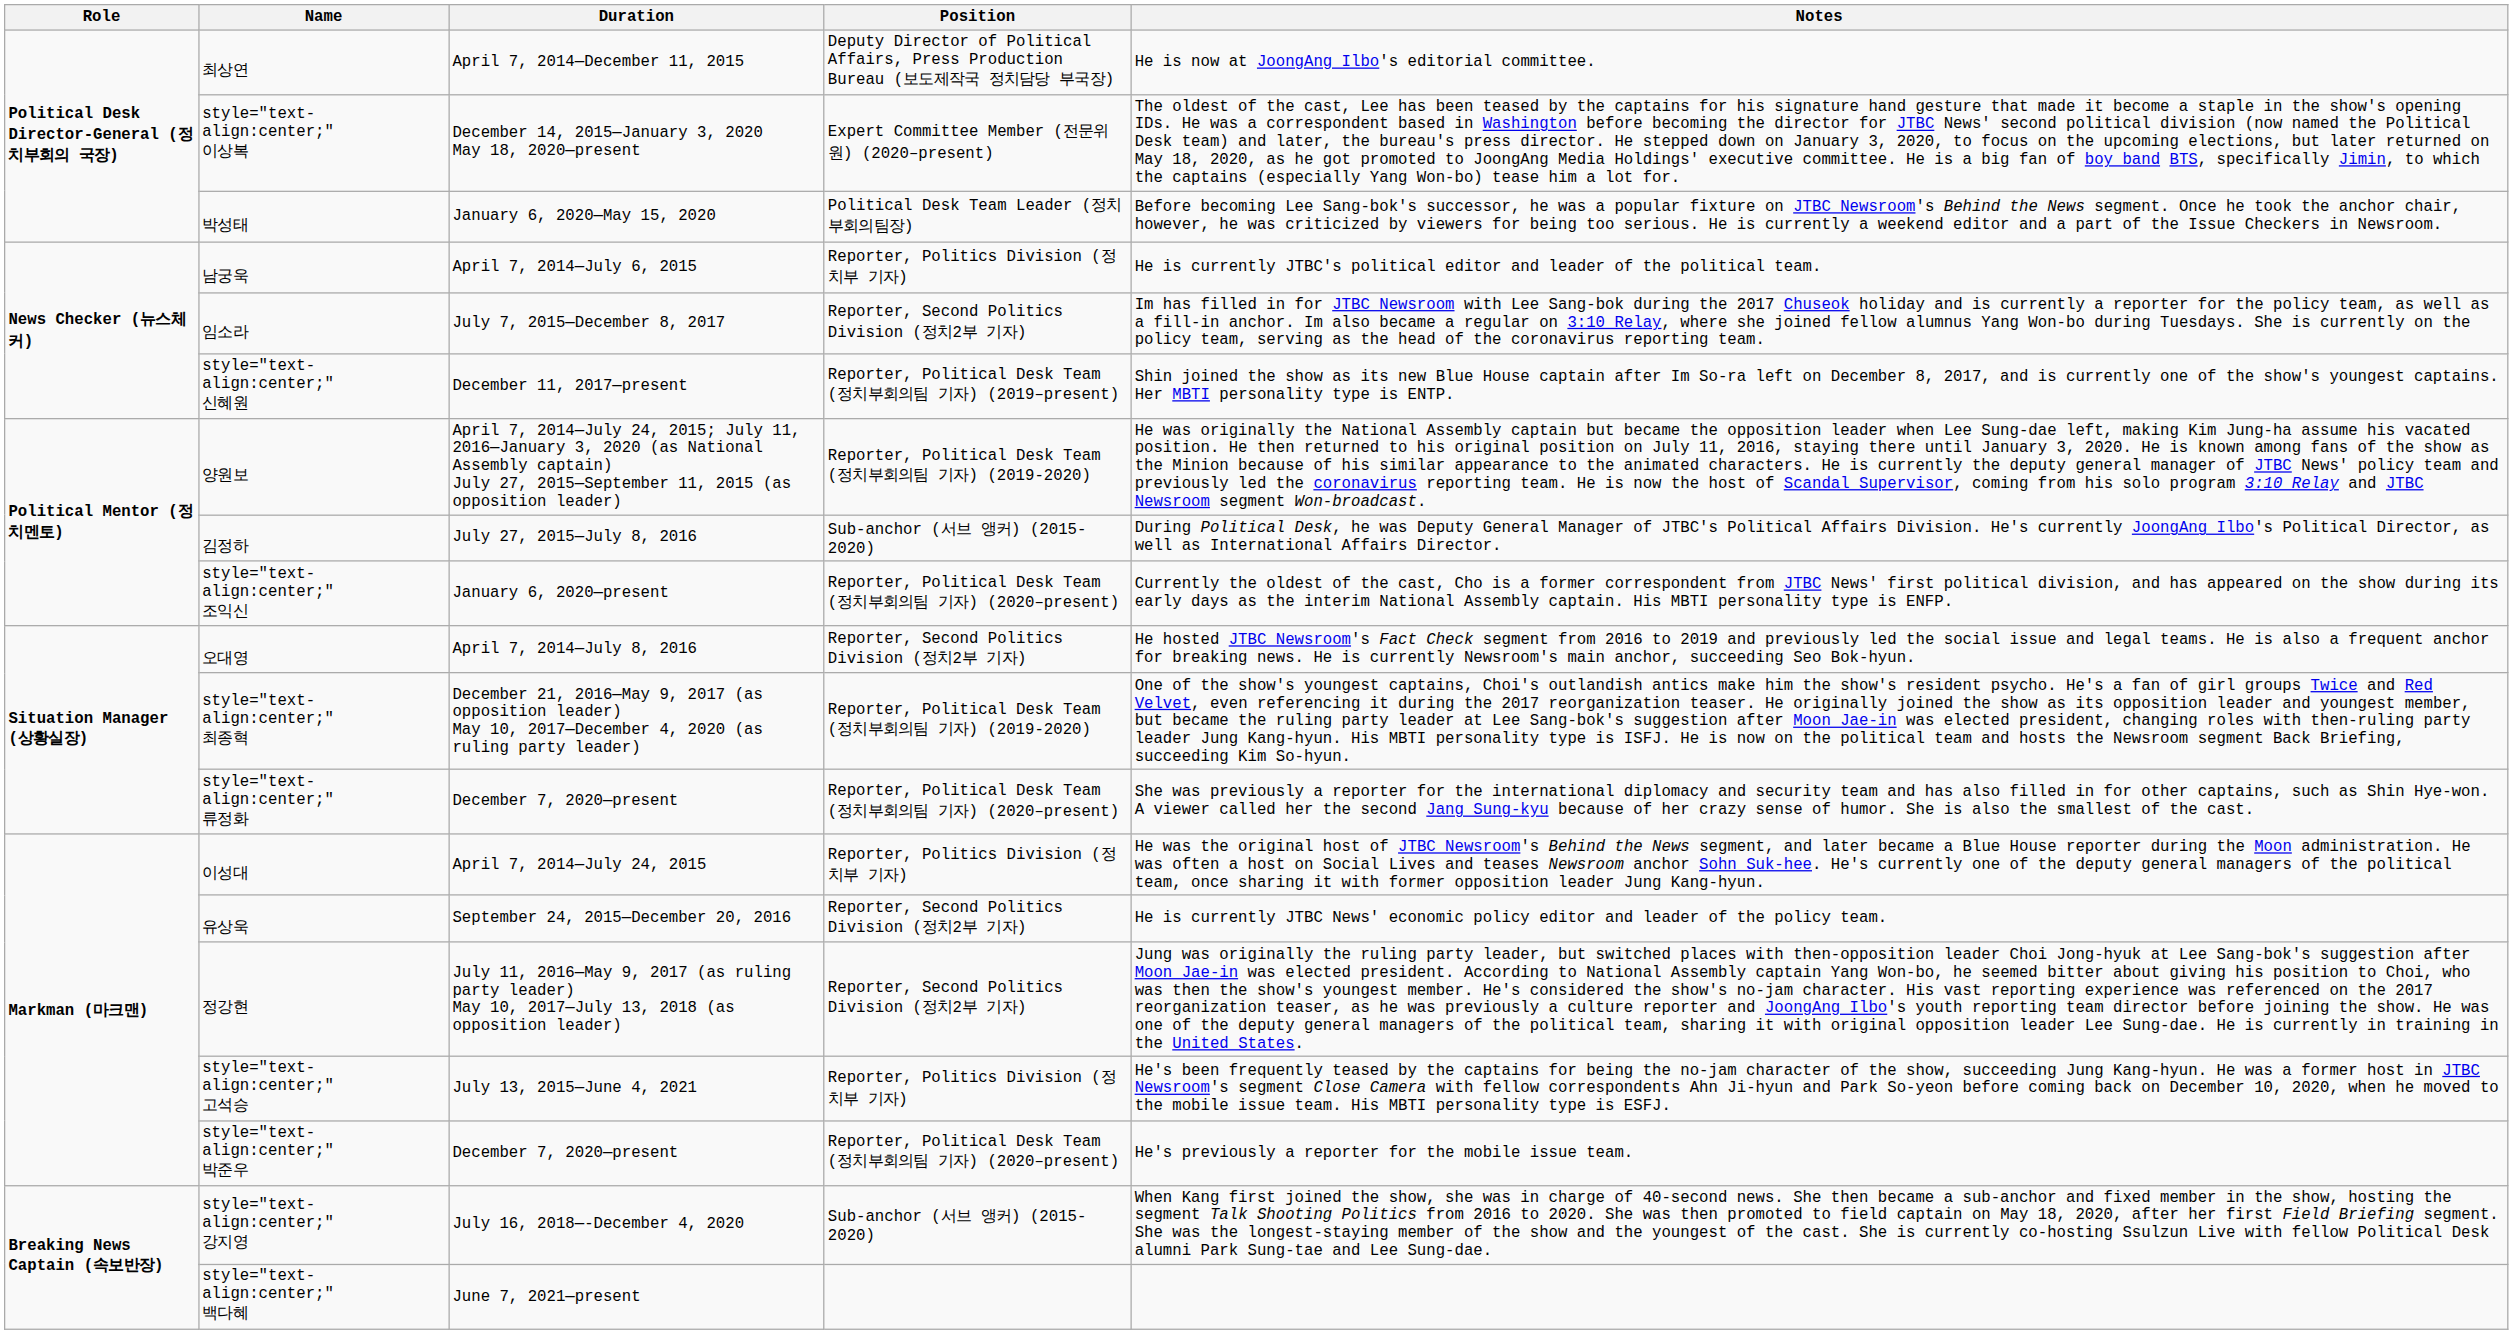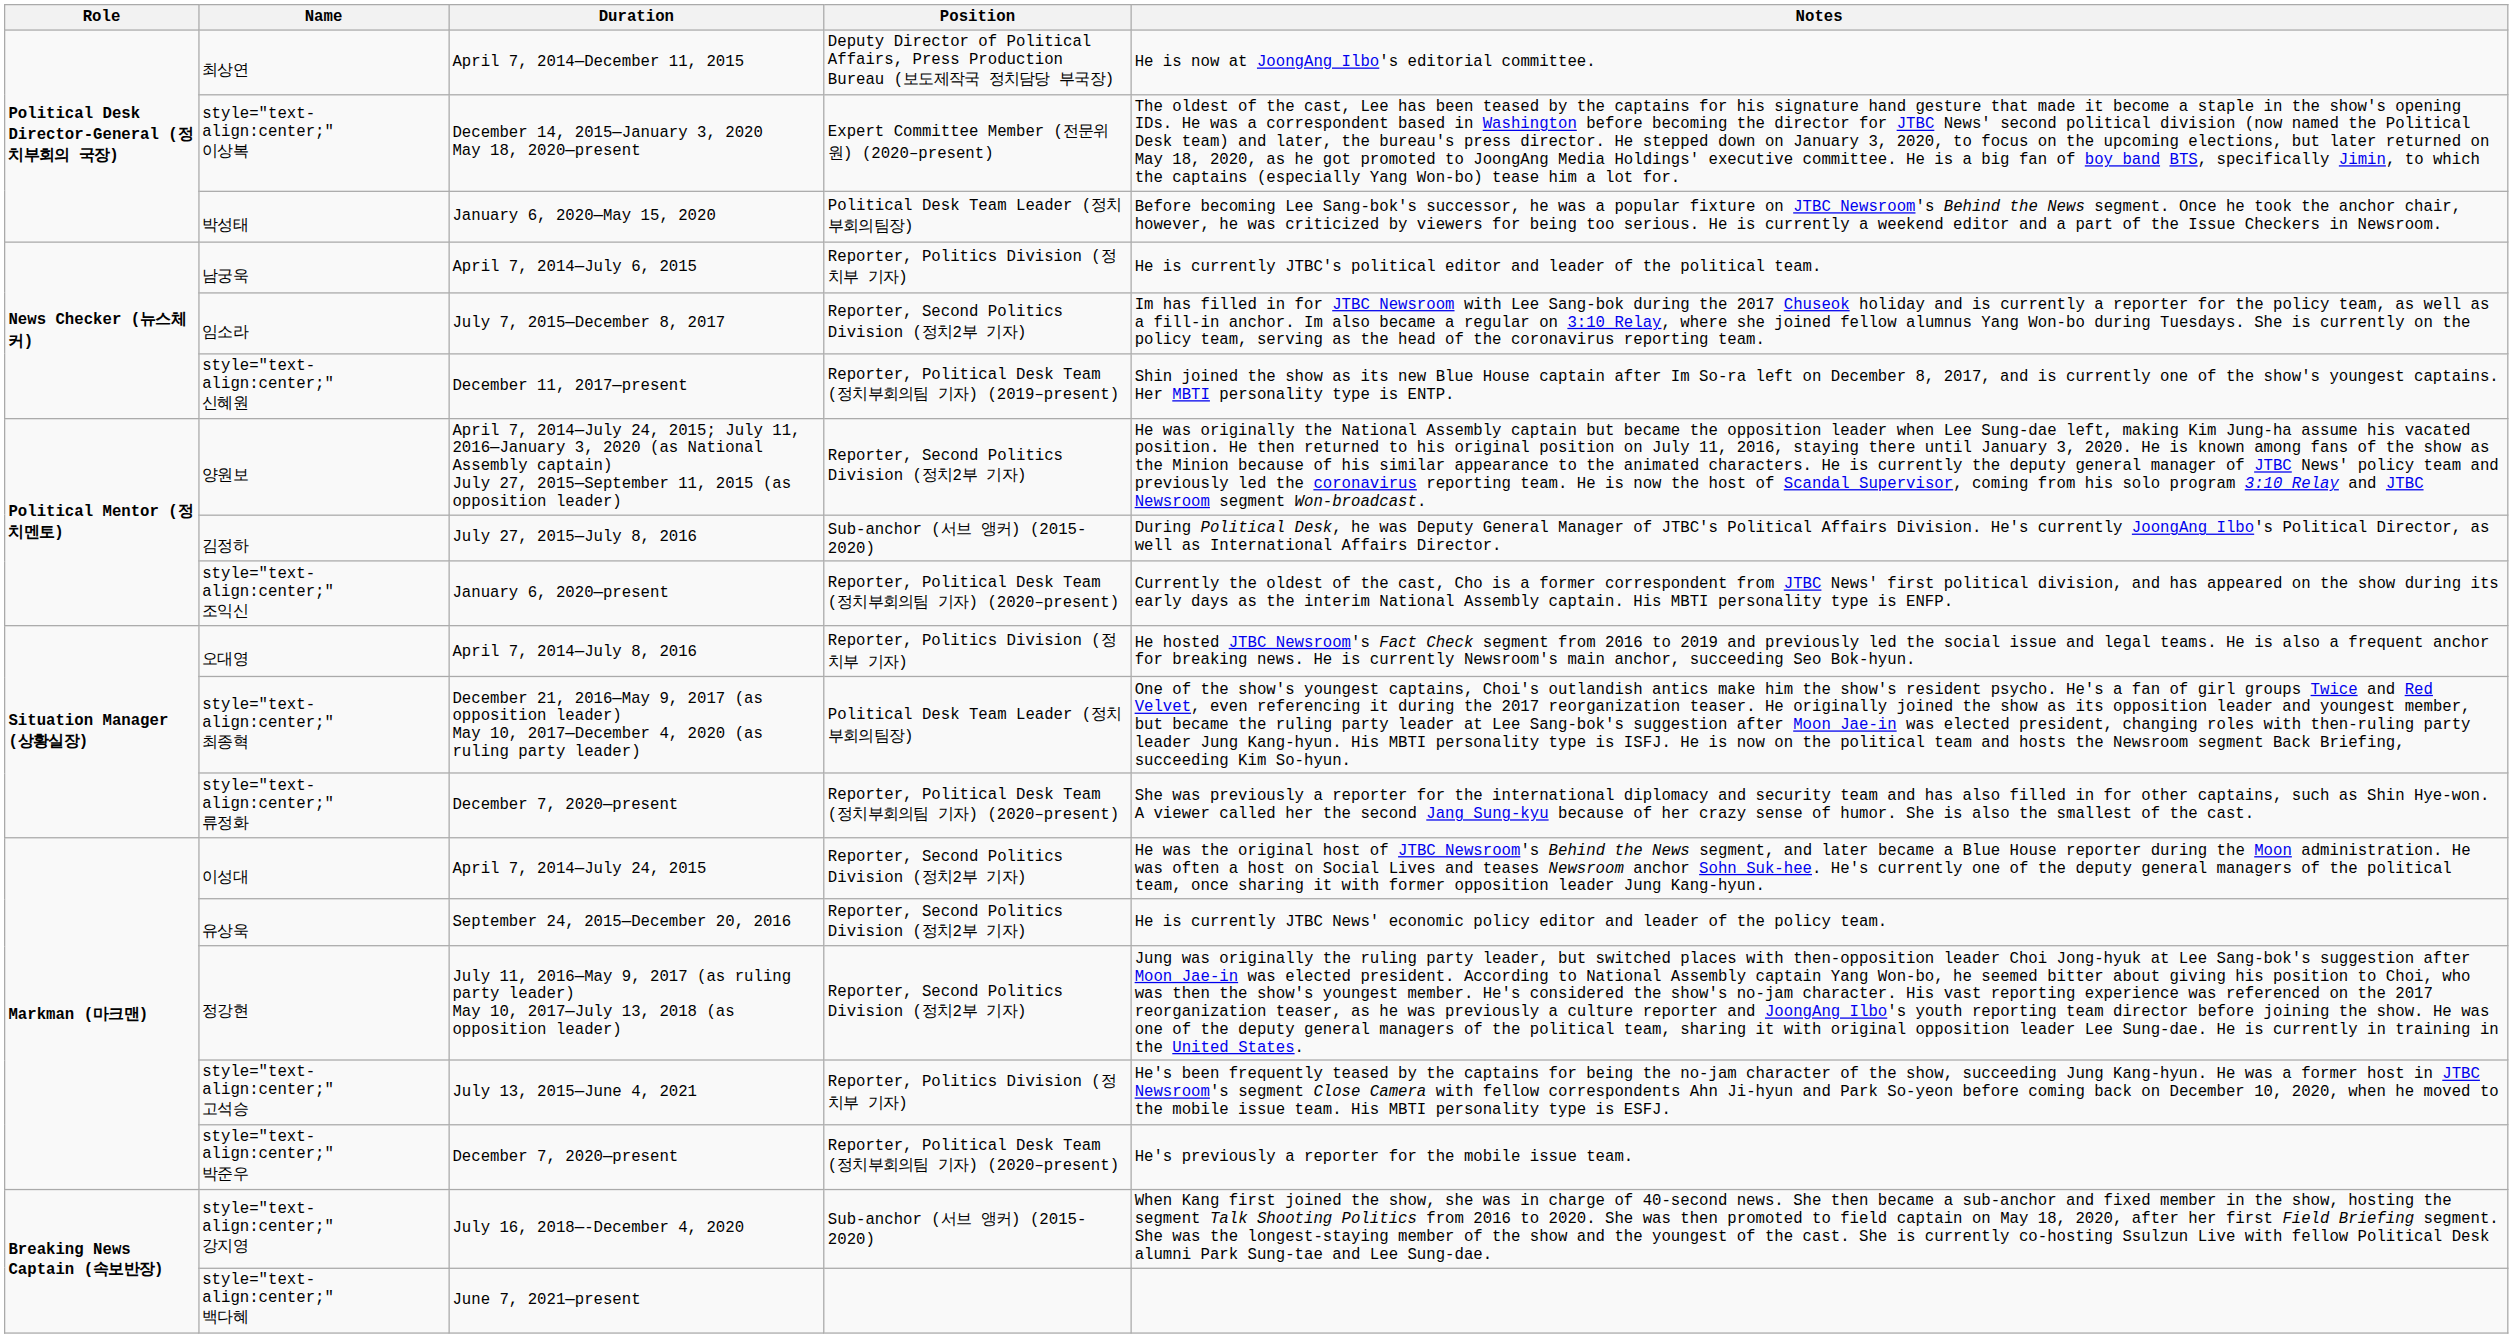 <table class="wikitable" style="font-size:95%">
 <tr>
 <th>Role</th>
 <th style="width:10%; text-align:center;">Name</th>
 <th style="width:15%; text-align:center;">Duration</th>
 <th>Position</th>
 <th style="width:55%; text-align:center;">Notes</th>
 </tr>
 <tr>
 <td rowspan="3"><strong>Political Desk Director-General (정치부회의 국장)</strong></td>
 <td><br>최상연</td>
 <td>April 7, 2014—December 11, 2015</td>
 <td>Deputy Director of Political Affairs, Press Production Bureau (보도제작국 정치담당 부국장)<br></td>
 <td style="text-align:left;">He is now at <a href='#'>JoongAng Ilbo</a>'s editorial committee.</td>
 </tr>
 <tr>
 <td>style="text-align:center;" <br>이상복<br><br></td>
 <td>December 14, 2015—January 3, 2020<br>May 18, 2020—present</td>
 <td>Expert Committee Member (전문위원) (2020–present)<br></td>
 <td style="text-align:left;">The oldest of the cast, Lee has been teased by the captains for his signature hand gesture that made it become a staple in the show's opening IDs. He was a correspondent based in <a href='#'>Washington</a> before becoming the director for <a href='#'>JTBC</a> News' second political division (now named the Political Desk team) and later, the bureau's press director. He stepped down on January 3, 2020, to focus on the upcoming elections, but later returned on May 18, 2020, as he got promoted to JoongAng Media Holdings' executive committee. He is a big fan of <a href='#'>boy band</a> <a href='#'>BTS</a>, specifically <a href='#'>Jimin</a>, to which the captains (especially Yang Won-bo) tease him a lot for.</td>
 </tr>
 <tr>
 <td><br>박성태</td>
 <td>January 6, 2020—May 15, 2020</td>
 <td>Political Desk Team Leader (정치부회의팀장)</td>
 <td style="text-align:left;">Before becoming Lee Sang-bok's successor, he was a popular fixture on <a href='#'>JTBC Newsroom</a>'s <em>Behind the News</em> segment. Once he took the anchor chair, however, he was criticized by viewers for being too serious. He is currently a weekend editor and a part of the Issue Checkers in Newsroom.</td>
 </tr>
 <tr>
 <td rowspan="3"><strong>News Checker (뉴스체커)</strong></td>
 <td><br>남궁욱</td>
 <td>April 7, 2014—July 6, 2015</td>
 <td>Reporter, Politics Division (정치부 기자)</td>
 <td style="text-align:left;">He is currently JTBC's political editor and leader of the political team.</td>
 </tr>
 <tr>
 <td><br>임소라<br></td>
 <td>July 7, 2015—December 8, 2017</td>
 <td>Reporter, Second Politics Division (정치2부 기자)</td>
 <td style="text-align:left;">Im has filled in for <a href='#'>JTBC Newsroom</a> with Lee Sang-bok during the 2017 <a href='#'>Chuseok</a> holiday and is currently a reporter for the policy team, as well as a fill-in anchor. Im also became a regular on <a href='#'>3:10 Relay</a>, where she joined fellow alumnus Yang Won-bo during Tuesdays. She is currently on the policy team, serving as the head of the coronavirus reporting team.</td>
 </tr>
 <tr>
 <td>style="text-align:center;" <br>신혜원<br></td>
 <td>December 11, 2017—present</td>
 <td>Reporter, Political Desk Team (정치부회의팀 기자) (2019–present)<br></td>
 <td style="text-align:left;">Shin joined the show as its new Blue House captain after Im So-ra left on December 8, 2017, and is currently one of the show's youngest captains. Her <a href='#'>MBTI</a> personality type is ENTP.</td>
 </tr>
 <tr>
 <td rowspan="3"><strong>Political Mentor (정치멘토)</strong></td>
 <td><br>양원보<br></td>
 <td>April 7, 2014—July 24, 2015; July 11, 2016—January 3, 2020 (as National Assembly captain)<br>July 27, 2015—September 11, 2015 (as opposition leader)</td>
-<td>Reporter, Political Desk Team (정치부회의팀 기자) (2019-2020)<br></td>
+<td>Reporter, Second Politics Division (정치2부 기자)</td>
 <td style="text-align:left;">He was originally the National Assembly captain but became the opposition leader when Lee Sung-dae left, making Kim Jung-ha assume his vacated position. He then returned to his original position on July 11, 2016, staying there until January 3, 2020. He is known among fans of the show as the Minion because of his similar appearance to the animated characters. He is currently the deputy general manager of <a href='#'>JTBC</a> News' policy team and previously led the <a href='#'>coronavirus</a> reporting team. He is now the host of <a href='#'>Scandal Supervisor</a>, coming from his solo program <em><a href='#'>3:10 Relay</a></em> and <a href='#'>JTBC Newsroom</a> segment <em>Won-broadcast</em>.</td>
 </tr>
 <tr>
 <td><br>김정하</td>
 <td>July 27, 2015—July 8, 2016</td>
 <td>Sub-anchor (서브 앵커) (2015-2020)</td>
 <td style="text-align:left;">During <em>Political Desk</em>, he was Deputy General Manager of JTBC's Political Affairs Division. He's currently <a href='#'>JoongAng Ilbo</a>'s Political Director, as well as International Affairs Director.</td>
 </tr>
 <tr>
 <td>style="text-align:center;" <br>조익신</td>
 <td>January 6, 2020—present</td>
 <td>Reporter, Political Desk Team (정치부회의팀 기자) (2020–present)<br></td>
 <td style="text-align:left;">Currently the oldest of the cast, Cho is a former correspondent from <a href='#'>JTBC</a> News' first political division, and has appeared on the show during its early days as the interim National Assembly captain. His MBTI personality type is ENFP.</td>
 </tr>
 <tr>
 <td rowspan="3"><strong>Situation Manager (상황실장)</strong></td>
 <td><br>오대영</td>
 <td>April 7, 2014—July 8, 2016</td>
-<td>Reporter, Second Politics Division (정치2부 기자)</td>
+<td>Reporter, Politics Division (정치부 기자)</td>
 <td style="text-align:left;">He hosted <a href='#'>JTBC Newsroom</a>'s <em>Fact Check</em> segment from 2016 to 2019 and previously led the social issue and legal teams. He is also a frequent anchor for breaking news. He is currently Newsroom's main anchor, succeeding Seo Bok-hyun.</td>
 </tr>
 <tr>
 <td>style="text-align:center;" <br>최종혁<br></td>
 <td>December 21, 2016—May 9, 2017 (as opposition leader)<br>May 10, 2017—December 4, 2020 (as ruling party leader)</td>
-<td>Reporter, Political Desk Team (정치부회의팀 기자) (2019-2020)<br></td>
+<td>Political Desk Team Leader (정치부회의팀장)</td>
 <td style="text-align:left;">One of the show's youngest captains, Choi's outlandish antics make him the show's resident psycho. He's a fan of girl groups <a href='#'>Twice</a> and <a href='#'>Red Velvet</a>, even referencing it during the 2017 reorganization teaser. He originally joined the show as its opposition leader and youngest member, but became the ruling party leader at Lee Sang-bok's suggestion after <a href='#'>Moon Jae-in</a> was elected president, changing roles with then-ruling party leader Jung Kang-hyun. His MBTI personality type is ISFJ. He is now on the political team and hosts the Newsroom segment Back Briefing, succeeding Kim So-hyun.</td>
 </tr>
 <tr>
 <td>style="text-align:center;" <br>류정화</td>
 <td>December 7, 2020—present</td>
 <td>Reporter, Political Desk Team (정치부회의팀 기자) (2020–present)<br></td>
 <td>She was previously a reporter for the international diplomacy and security team and has also filled in for other captains, such as Shin Hye-won. A viewer called her the second <a href='#'>Jang Sung-kyu</a> because of her crazy sense of humor. She is also the smallest of the cast.</td>
 </tr>
 <tr>
 <td rowspan="5"><strong>Markman (마크맨)</strong></td>
 <td><br>이성대</td>
 <td>April 7, 2014—July 24, 2015</td>
-<td>Reporter, Politics Division (정치부 기자)</td>
+<td>Reporter, Second Politics Division (정치2부 기자)</td>
 <td style="text-align:left;">He was the original host of <a href='#'>JTBC Newsroom</a>'s <em>Behind the News</em> segment, and later became a Blue House reporter during the <a href='#'>Moon</a> administration. He was often a host on Social Lives and teases <em>Newsroom</em> anchor <a href='#'>Sohn Suk-hee</a>. He's currently one of the deputy general managers of the political team, once sharing it with former opposition leader Jung Kang-hyun.</td>
 </tr>
 <tr>
 <td><br>유상욱</td>
 <td>September 24, 2015—December 20, 2016</td>
 <td>Reporter, Second Politics Division (정치2부 기자)</td>
 <td style="text-align:left;">He is currently JTBC News' economic policy editor and leader of the policy team.</td>
 </tr>
 <tr>
 <td><br>정강현<br></td>
 <td>July 11, 2016—May 9, 2017 (as ruling party leader)<br>May 10, 2017—July 13, 2018 (as opposition leader)</td>
 <td>Reporter, Second Politics Division (정치2부 기자)</td>
 <td style="text-align:left;">Jung was originally the ruling party leader, but switched places with then-opposition leader Choi Jong-hyuk at Lee Sang-bok's suggestion after <a href='#'>Moon Jae-in</a> was elected president. According to National Assembly captain Yang Won-bo, he seemed bitter about giving his position to Choi, who was then the show's youngest member. He's considered the show's no-jam character. His vast reporting experience was referenced on the 2017 reorganization teaser, as he was previously a culture reporter and <a href='#'>JoongAng Ilbo</a>'s youth reporting team director before joining the show. He was one of the deputy general managers of the political team, sharing it with original opposition leader Lee Sung-dae. He is currently in training in the <a href='#'>United States</a>.</td>
 </tr>
 <tr>
 <td>style="text-align:center;" <br>고석승<br></td>
 <td>July 13, 2015—June 4, 2021</td>
 <td>Reporter, Politics Division (정치부 기자)</td>
 <td>He's been frequently teased by the captains for being the no-jam character of the show, succeeding Jung Kang-hyun. He was a former host in <a href='#'>JTBC Newsroom</a>'s segment <em>Close Camera</em> with fellow correspondents Ahn Ji-hyun and Park So-yeon before coming back on December 10, 2020, when he moved to the mobile issue team. His MBTI personality type is ESFJ.</td>
 </tr>
 <tr>
 <td>style="text-align:center;" <br>박준우</td>
 <td>December 7, 2020—present</td>
 <td>Reporter, Political Desk Team (정치부회의팀 기자) (2020–present)<br></td>
 <td>He's previously a reporter for the mobile issue team.</td>
 </tr>
 <tr>
 <td rowspan="2"><strong>Breaking News Captain (속보반장)</strong></td>
 <td>style="text-align:center;" <br>강지영<br></td>
 <td>July 16, 2018—-December 4, 2020</td>
 <td>Sub-anchor (서브 앵커) (2015-2020)</td>
 <td style="text-align:left;">When Kang first joined the show, she was in charge of 40-second news. She then became a sub-anchor and fixed member in the show, hosting the segment <em>Talk Shooting Politics</em> from 2016 to 2020. She was then promoted to field captain on May 18, 2020, after her first <em>Field Briefing</em> segment. She was the longest-staying member of the show and the youngest of the cast. She is currently co-hosting Ssulzun Live with fellow Political Desk alumni Park Sung-tae and Lee Sung-dae.</td>
 </tr>
 <tr>
 <td>style="text-align:center;" <br>백다혜</td>
 <td>June 7, 2021—present</td>
 <td></td>
 <td></td>
 </tr>
 </table>
